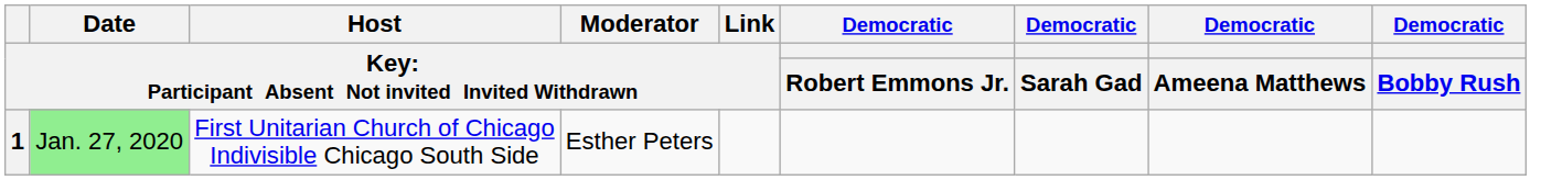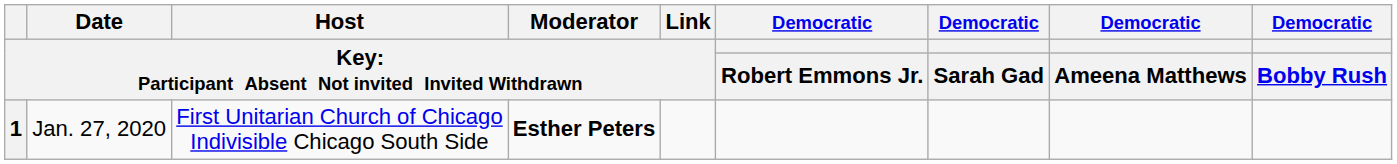 <table class="wikitable" style="text-align:center;">
 <tr>
 <th scope="col"></th>
 <th scope="col">Date</th>
 <th scope="col">Host</th>
 <th scope="col">Moderator</th>
 <th scope="col">Link</th>
 <th scope="col"><small><a href='#'>Democratic</a></small></th>
 <th scope="col"><small><a href='#'>Democratic</a></small></th>
 <th scope="col"><small><a href='#'>Democratic</a></small></th>
 <th scope="col"><small><a href='#'>Democratic</a></small></th>
 </tr>
 <tr>
 <th colspan="5" rowspan="2">Key:<br> <small>Participant </small>  <small>Absent </small>  <small>Not invited </small>  <small>Invited  Withdrawn</small></th>
 <th scope="col" style="background:"></th>
 <th scope="col" style="background:"></th>
 <th scope="col" style="background:"></th>
 <th scope="col" style="background:"></th>
 </tr>
 <tr>
 <th scope="col">Robert Emmons Jr.</th>
 <th scope="col">Sarah Gad</th>
 <th scope="col">Ameena Matthews</th>
 <th scope="col"><a href='#'>Bobby Rush</a></th>
 </tr>
 <tr>
 <th>1</th>
-<td style="background: lightgreen; white-space:nowrap;">Jan. 27, 2020</td>
+<td style="white-space:nowrap;">Jan. 27, 2020</td>
 <td style="white-space:nowrap;"><a href='#'>First Unitarian Church of Chicago</a><br><a href='#'>Indivisible</a> Chicago South Side</td>
-<td style="white-space:nowrap;">Esther Peters</td>
+<td style="white-space:nowrap;"><strong>Esther Peters</strong></td>
 <td style="white-space:nowrap;"></td>
 <td></td>
 <td></td>
 <td></td>
 <td></td>
 </tr>
 </table>
